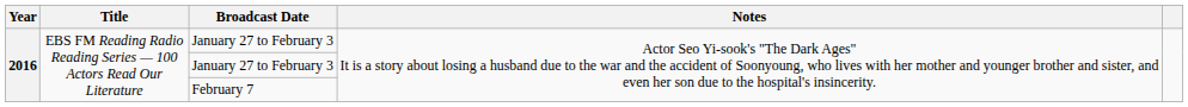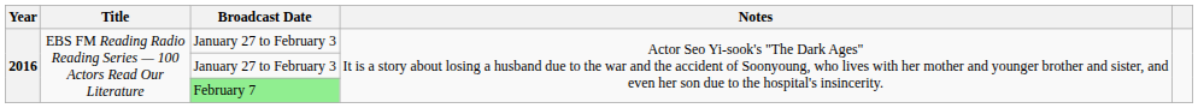 <table class="wikitable sortable plainrowheaders" style="clear:none; font-size:95%; padding:0 auto; width:100%; margin:auto">
 <tr>
 <th scope="col" style="width:2em;">Year</th>
 <th scope="col" style="width:10em;">Title</th>
 <th scope="col" style="width:10em;">Broadcast Date</th>
 <th scope="col" class="unsortable">Notes</th>
 <th scope="col" style="width:1em;" class="unsortable"></th>
 </tr>
 <tr>
 <th rowspan="3" scope="row" style="text-align:center">2016</th>
 <td rowspan="3" style="text-align:center">EBS FM <em>Reading Radio Reading Series — 100 Actors Read Our Literature</em></td>
 <td>January 27 to February 3<br></td>
 <td rowspan="3" style="text-align:center">Actor Seo Yi-sook's "The Dark Ages"<br>It is a story about losing a husband due to the war and the accident of Soonyoung, who lives with her mother and younger brother and sister, and even her son due to the hospital's insincerity.</td>
 <td rowspan="3" scope="row" style="text-align:center"></td>
 </tr>
 <tr>
 <td>January 27 to February 3<br></td>
 </tr>
 <tr>
-<td>February 7<br></td>
+<td style="background: lightgreen;">February 7<br></td>
 </tr>
 </table>
